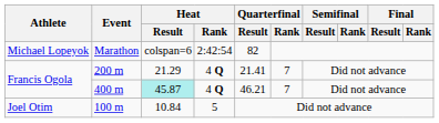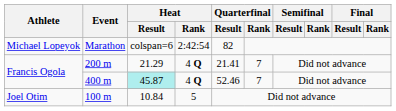 <table class="wikitable" style="font-size:90%">
 <tr>
 <th rowspan="2">Athlete</th>
 <th rowspan="2">Event</th>
 <th colspan="2">Heat</th>
 <th colspan="2">Quarterfinal</th>
 <th colspan="2">Semifinal</th>
 <th colspan="2">Final</th>
 </tr>
 <tr style="font-size:95%">
 <th>Result</th>
 <th>Rank</th>
 <th>Result</th>
 <th>Rank</th>
 <th>Result</th>
 <th>Rank</th>
 <th>Result</th>
 <th>Rank</th>
 </tr>
 <tr align=center>
 <td align=left><a href='#'>Michael Lopeyok</a></td>
 <td align=left><a href='#'>Marathon</a></td>
 <td>colspan=6 </td>
 <td>2:42:54</td>
 <td>82</td>
 </tr>
 <tr align=center>
 <td align=left rowspan=2><a href='#'>Francis Ogola</a></td>
 <td align=left><a href='#'>200 m</a></td>
 <td>21.29</td>
 <td>4 <strong>Q</strong></td>
 <td>21.41</td>
 <td>7</td>
 <td colspan=4>Did not advance</td>
 </tr>
 <tr align=center>
 <td align=left><a href='#'>400 m</a></td>
 <td style="background: paleturquoise;">45.87</td>
 <td>4 <strong>Q</strong></td>
-<td>46.21</td>
+<td>52.46</td>
 <td>7</td>
 <td colspan=4>Did not advance</td>
 </tr>
 <tr align=center>
 <td align=left><a href='#'>Joel Otim</a></td>
 <td align=left><a href='#'>100 m</a></td>
 <td>10.84</td>
 <td>5</td>
 <td colspan=6>Did not advance</td>
 </tr>
 </table>
